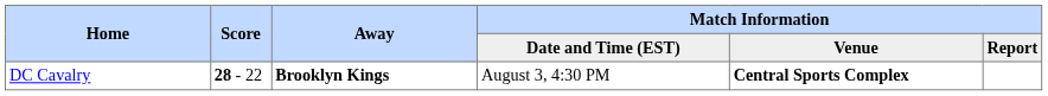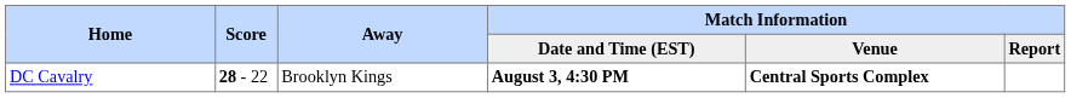 <table border="1" cellpadding="3" cellspacing="0" style="border-collapse:collapse; font-size:90%; width:100%">
 <tr style="background:#c1d8ff;">
 <th rowspan="2" style="width:21%;">Home</th>
 <th rowspan="2" style="width:6%;">Score</th>
 <th rowspan="2" style="width:21%;">Away</th>
 <th colspan="3">Match Information</th>
 </tr>
 <tr style="background:#efefef;">
 <th width="26%">Date and Time (EST)</th>
 <th width="26%">Venue</th>
 <td><strong>Report</strong></td>
 </tr>
 <tr>
 <td> <a href='#'>DC Cavalry</a></td>
 <td><strong>28</strong> - 22</td>
-<td><strong> Brooklyn Kings</strong></td>
-<td>August 3, 4:30 PM</td>
+<td> Brooklyn Kings</td>
+<td><strong>August 3, 4:30 PM</strong></td>
 <td><strong>Central Sports Complex</strong></td>
 <td></td>
 </tr>
 </table>
